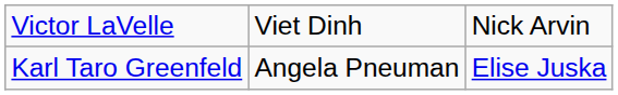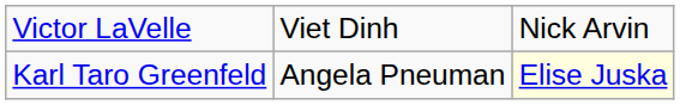 <table class="wikitable">
 <tr>
 <td><a href='#'>Victor LaVelle</a></td>
 <td>Viet Dinh</td>
 <td>Nick Arvin</td>
 </tr>
 <tr>
 <td><a href='#'>Karl Taro Greenfeld</a></td>
 <td>Angela Pneuman</td>
-<td><a href='#'>Elise Juska</a></td>
+<td style="background: lightyellow;"><a href='#'>Elise Juska</a></td>
 </tr>
 </table>
